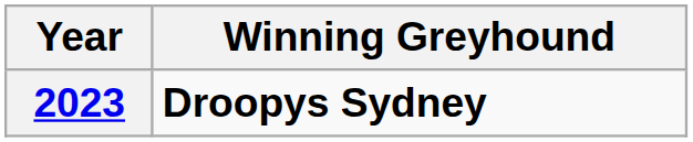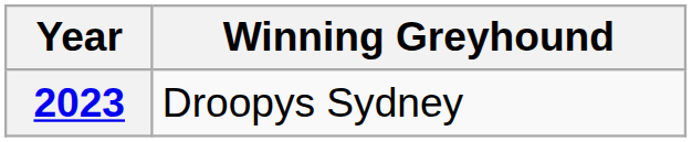 <table class="wikitable">
 <tr>
 <th width=50>Year</th>
 <th width=200>Winning Greyhound</th>
 </tr>
 <tr>
 <th><a href='#'>2023</a></th>
-<td><strong>Droopys Sydney</strong></td>
+<td>Droopys Sydney</td>
 </tr>
 </table>
